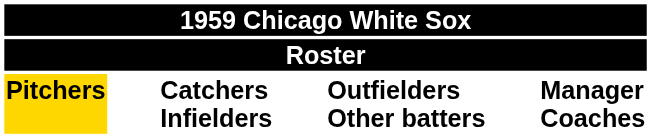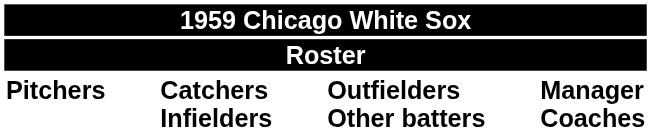 <table class="toccolours" style="font-size: 95%;">
 <tr>
 <th colspan="10" style="background-color: black; color: white; text-align: center;">1959 Chicago White Sox</th>
 </tr>
 <tr>
 <td colspan="10" style="background-color: black; color: white; text-align: center;"><strong>Roster</strong></td>
 </tr>
 <tr>
-<td valign="top" style="background: gold;"><strong>Pitchers</strong><br>             </td>
+<td valign="top"><strong>Pitchers</strong><br>             </td>
 <td width="25px"></td>
 <td valign="top"><strong>Catchers</strong><br>    <strong>Infielders</strong>           </td>
 <td width="25px"></td>
 <td valign="top"><strong>Outfielders</strong><br>          <strong>Other batters</strong> </td>
 <td width="25px"></td>
 <td valign="top"><strong>Manager</strong><br> <strong>Coaches</strong>    </td>
 </tr>
 </table>
